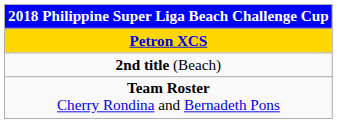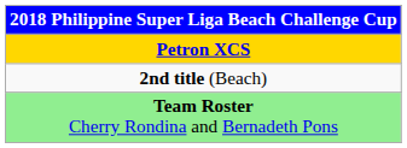 <table class=wikitable style="text-align:center; margin:auto;">
 <tr>
 <th style="background:blue; color:white;">2018 Philippine Super Liga Beach Challenge Cup</th>
 </tr>
 <tr bgcolor="gold">
 <td><strong><a href='#'>Petron XCS</a></strong></td>
 </tr>
 <tr>
 <td><strong>2nd title</strong> (Beach)</td>
 </tr>
 <tr>
-<td><strong>Team Roster</strong><br><a href='#'>Cherry Rondina</a> and <a href='#'>Bernadeth Pons</a></td>
+<td style="background: lightgreen;"><strong>Team Roster</strong><br><a href='#'>Cherry Rondina</a> and <a href='#'>Bernadeth Pons</a></td>
 </tr>
 </table>
